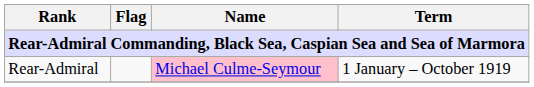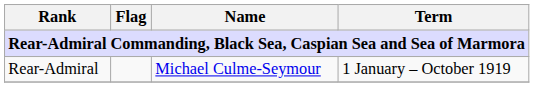 <table class="wikitable">
 <tr>
 <th>Rank</th>
 <th>Flag</th>
 <th>Name</th>
 <th>Term</th>
 </tr>
 <tr>
 <td colspan="5" align="center" style="background:#dcdcfe;"><strong>Rear-Admiral Commanding, Black Sea, Caspian Sea and Sea of Marmora</strong></td>
 </tr>
 <tr>
 <td>Rear-Admiral</td>
 <td></td>
-<td style="background: pink;"><a href='#'>Michael Culme-Seymour</a></td>
+<td><a href='#'>Michael Culme-Seymour</a></td>
 <td>1 January – October 1919</td>
 </tr>
 <tr>
 </tr>
 </table>
